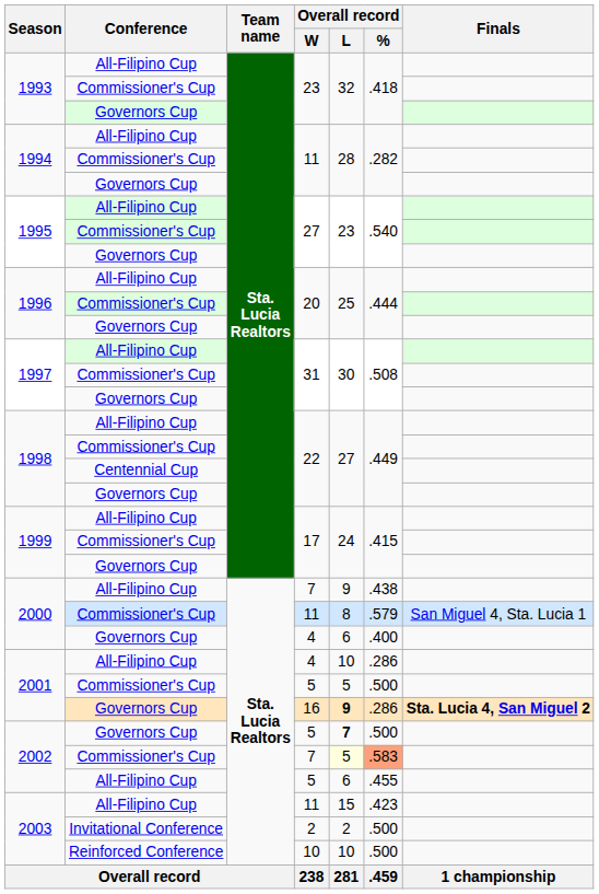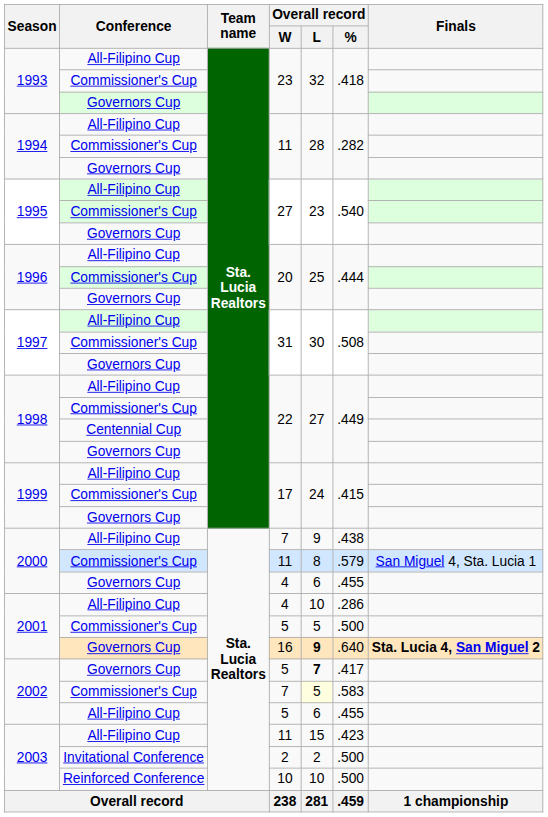 <table class=wikitable style="text-align:center;">
 <tr>
 <th rowspan=2>Season</th>
 <th rowspan=2>Conference</th>
 <th width=60px rowspan=2>Team name</th>
 <th colspan=3>Overall record</th>
 <th rowspan=2>Finals</th>
 </tr>
 <tr>
 <th>W</th>
 <th>L</th>
 <th>%</th>
 </tr>
 <tr>
 <td rowspan=3><a href='#'>1993</a></td>
 <td><a href='#'>All-Filipino Cup</a></td>
 <td rowspan=22 style="background:#006401; color:#FFFFFF; "><span><strong>Sta. Lucia Realtors</strong></span></td>
 <td rowspan=3>23</td>
 <td rowspan=3>32</td>
 <td rowspan=3>.418</td>
 <td></td>
 </tr>
 <tr>
 <td><a href='#'>Commissioner's Cup</a></td>
 <td></td>
 </tr>
 <tr bgcolor=#DDFFDD>
 <td><a href='#'>Governors Cup</a></td>
 <td></td>
 </tr>
 <tr>
 <td rowspan=3><a href='#'>1994</a></td>
 <td><a href='#'>All-Filipino Cup</a></td>
 <td rowspan=3>11</td>
 <td rowspan=3>28</td>
 <td rowspan=3>.282</td>
 <td></td>
 </tr>
 <tr>
 <td><a href='#'>Commissioner's Cup</a></td>
 <td></td>
 </tr>
 <tr>
 <td><a href='#'>Governors Cup</a></td>
 <td></td>
 </tr>
 <tr bgcolor=#DDFFDD>
 <td bgcolor=white rowspan=3><a href='#'>1995</a></td>
 <td><a href='#'>All-Filipino Cup</a></td>
 <td bgcolor=white rowspan=3>27</td>
 <td bgcolor=white rowspan=3>23</td>
 <td bgcolor=white rowspan=3>.540</td>
 <td></td>
 </tr>
 <tr bgcolor=#DDFFDD>
 <td><a href='#'>Commissioner's Cup</a></td>
 <td></td>
 </tr>
 <tr>
 <td><a href='#'>Governors Cup</a></td>
 <td></td>
 </tr>
 <tr>
 <td rowspan=3><a href='#'>1996</a></td>
 <td><a href='#'>All-Filipino Cup</a></td>
 <td rowspan=3>20</td>
 <td rowspan=3>25</td>
 <td rowspan=3>.444</td>
 <td></td>
 </tr>
 <tr bgcolor=#DDFFDD>
 <td><a href='#'>Commissioner's Cup</a></td>
 <td></td>
 </tr>
 <tr>
 <td><a href='#'>Governors Cup</a></td>
 <td></td>
 </tr>
 <tr bgcolor=#DDFFDD>
 <td bgcolor=white rowspan=3><a href='#'>1997</a></td>
 <td><a href='#'>All-Filipino Cup</a></td>
 <td bgcolor=white rowspan=3>31</td>
 <td bgcolor=white rowspan=3>30</td>
 <td bgcolor=white rowspan=3>.508</td>
 <td></td>
 </tr>
 <tr>
 <td><a href='#'>Commissioner's Cup</a></td>
 <td></td>
 </tr>
 <tr>
 <td><a href='#'>Governors Cup</a></td>
 <td></td>
 </tr>
 <tr>
 <td rowspan=4><a href='#'>1998</a></td>
 <td><a href='#'>All-Filipino Cup</a></td>
 <td rowspan=4>22</td>
 <td rowspan=4>27</td>
 <td rowspan=4>.449</td>
 <td></td>
 </tr>
 <tr>
 <td><a href='#'>Commissioner's Cup</a></td>
 <td></td>
 </tr>
 <tr>
 <td><a href='#'>Centennial Cup</a></td>
 <td></td>
 </tr>
 <tr>
 <td><a href='#'>Governors Cup</a></td>
 <td></td>
 </tr>
 <tr>
 <td rowspan=3><a href='#'>1999</a></td>
 <td><a href='#'>All-Filipino Cup</a></td>
 <td rowspan=3>17</td>
 <td rowspan=3>24</td>
 <td rowspan=3>.415</td>
 <td></td>
 </tr>
 <tr>
 <td><a href='#'>Commissioner's Cup</a></td>
 <td></td>
 </tr>
 <tr>
 <td><a href='#'>Governors Cup</a></td>
 <td></td>
 </tr>
 <tr>
 <td rowspan=3><a href='#'>2000</a></td>
 <td><a href='#'>All-Filipino Cup</a></td>
 <td rowspan=12><strong>Sta. Lucia Realtors</strong></td>
 <td>7</td>
 <td>9</td>
 <td>.438</td>
 <td></td>
 </tr>
 <tr bgcolor=#D0E7FF>
 <td><a href='#'>Commissioner's Cup</a></td>
 <td>11</td>
 <td>8</td>
 <td>.579</td>
 <td><a href='#'>San Miguel</a> 4, Sta. Lucia 1</td>
 </tr>
 <tr>
 <td><a href='#'>Governors Cup</a></td>
 <td>4</td>
 <td>6</td>
-<td>.400</td>
+<td>.455</td>
 <td></td>
 </tr>
 <tr>
 <td rowspan=3><a href='#'>2001</a></td>
 <td><a href='#'>All-Filipino Cup</a></td>
 <td>4</td>
 <td>10</td>
 <td>.286</td>
 <td></td>
 </tr>
 <tr>
 <td><a href='#'>Commissioner's Cup</a></td>
 <td>5</td>
 <td>5</td>
 <td>.500</td>
 <td></td>
 </tr>
 <tr bgcolor=#FFE6BD>
 <td><a href='#'>Governors Cup</a></td>
 <td>16</td>
 <td><strong>9</strong></td>
-<td>.286</td>
+<td>.640</td>
 <td><strong>Sta. Lucia 4, <a href='#'>San Miguel</a> 2</strong></td>
 </tr>
 <tr>
 <td rowspan=3><a href='#'>2002</a></td>
 <td><a href='#'>Governors Cup</a></td>
 <td>5</td>
 <td><strong>7</strong></td>
-<td>.500</td>
+<td>.417</td>
 <td></td>
 </tr>
 <tr>
 <td><a href='#'>Commissioner's Cup</a></td>
 <td>7</td>
 <td style="background: lightyellow;">5</td>
-<td style="background: lightsalmon;">.583</td>
+<td>.583</td>
 <td></td>
 </tr>
 <tr>
 <td><a href='#'>All-Filipino Cup</a></td>
 <td>5</td>
 <td>6</td>
 <td>.455</td>
 <td></td>
 </tr>
 <tr>
 <td rowspan=3><a href='#'>2003</a></td>
 <td><a href='#'>All-Filipino Cup</a></td>
 <td>11</td>
 <td>15</td>
 <td>.423</td>
 <td></td>
 </tr>
 <tr>
 <td><a href='#'>Invitational Conference</a></td>
 <td>2</td>
 <td>2</td>
 <td>.500</td>
 <td></td>
 </tr>
 <tr>
 <td><a href='#'>Reinforced Conference</a></td>
 <td>10</td>
 <td>10</td>
 <td>.500</td>
 <td></td>
 </tr>
 <tr>
 <th colspan=3>Overall record</th>
 <th>238</th>
 <th>281</th>
 <th>.459</th>
 <th>1 championship</th>
 </tr>
 </table>
